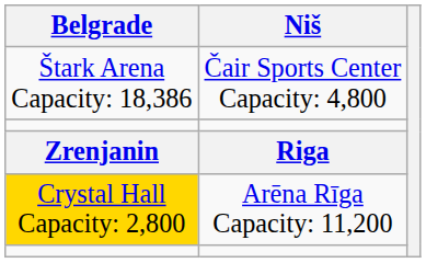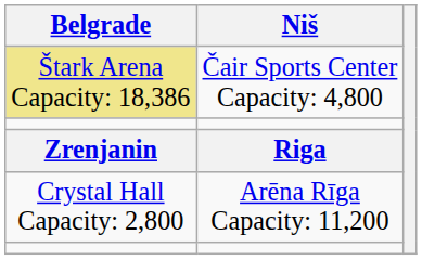 <table class="wikitable" style="text-align:center;">
 <tr>
 <th> <a href='#'>Belgrade</a></th>
 <th> <a href='#'>Niš</a></th>
 <th rowspan=6></th>
 </tr>
 <tr>
-<td><a href='#'>Štark Arena</a><br>Capacity: 18,386</td>
+<td style="background: khaki;"><a href='#'>Štark Arena</a><br>Capacity: 18,386</td>
 <td><a href='#'>Čair Sports Center</a><br>Capacity: 4,800</td>
 </tr>
 <tr>
 <td></td>
 <td></td>
 </tr>
 <tr>
 <th> <a href='#'>Zrenjanin</a></th>
 <th> <a href='#'>Riga</a></th>
 </tr>
 <tr>
-<td style="background: gold;"><a href='#'>Crystal Hall</a><br>Capacity: 2,800</td>
+<td><a href='#'>Crystal Hall</a><br>Capacity: 2,800</td>
 <td><a href='#'>Arēna Rīga</a><br>Capacity: 11,200</td>
 </tr>
 <tr>
 <td></td>
 <td></td>
 </tr>
 </table>
